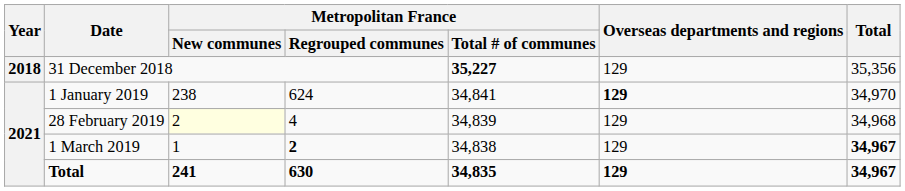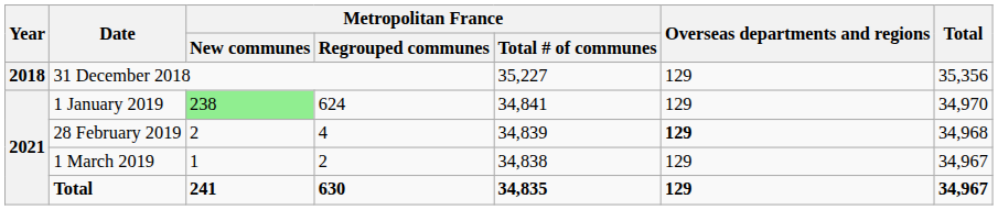 <table class="wikitable">
 <tr>
 <th rowspan="2">Year</th>
 <th rowspan="2">Date</th>
 <th colspan="3">Metropolitan France</th>
 <th rowspan="2">Overseas departments and regions</th>
 <th rowspan="2">Total</th>
 </tr>
 <tr>
 <th>New communes</th>
 <th>Regrouped communes</th>
 <th>Total # of communes</th>
 </tr>
 <tr>
 <th>2018</th>
 <td colspan="3">31 December 2018</td>
-<td><strong>35,227</strong></td>
+<td>35,227</td>
 <td>129</td>
 <td>35,356</td>
 </tr>
 <tr>
 <th rowspan="4"><strong>2021</strong></th>
 <td>1 January 2019</td>
-<td>238</td>
+<td style="background: lightgreen;">238</td>
 <td>624</td>
 <td>34,841</td>
-<td><strong>129</strong></td>
+<td>129</td>
 <td>34,970</td>
 </tr>
 <tr>
 <td>28 February 2019</td>
-<td style="background: lightyellow;">2</td>
+<td>2</td>
 <td>4</td>
 <td>34,839</td>
-<td>129</td>
+<td><strong>129</strong></td>
 <td>34,968</td>
 </tr>
 <tr>
 <td>1 March 2019</td>
 <td>1</td>
-<td><strong>2</strong></td>
+<td>2</td>
 <td>34,838</td>
 <td>129</td>
-<td><strong>34,967</strong></td>
+<td>34,967</td>
 </tr>
 <tr>
 <td><strong>Total</strong></td>
 <td><strong>241</strong></td>
 <td><strong>630</strong></td>
 <td><strong>34,835</strong></td>
 <td><strong>129</strong></td>
 <td><strong>34,967</strong></td>
 </tr>
 </table>
